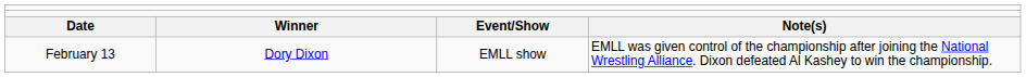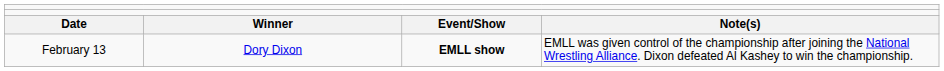 <table class="wikitable" style="text-align:center; width:100%;">
 <tr>
 <td colspan=5></td>
 </tr>
 <tr>
 <td colspan=5><strong></strong></td>
 </tr>
 <tr>
 <th width=14%>Date</th>
 <th width=26%>Winner</th>
 <th width=14%>Event/Show</th>
 <th width=40%>Note(s)</th>
 </tr>
 <tr>
 <td>February 13</td>
 <td><a href='#'>Dory Dixon</a></td>
-<td>EMLL show</td>
+<td><strong>EMLL show</strong></td>
 <td align=left>EMLL was given control of the championship after joining the <a href='#'>National Wrestling Alliance</a>. Dixon defeated Al Kashey to win the championship.</td>
 </tr>
 </table>
